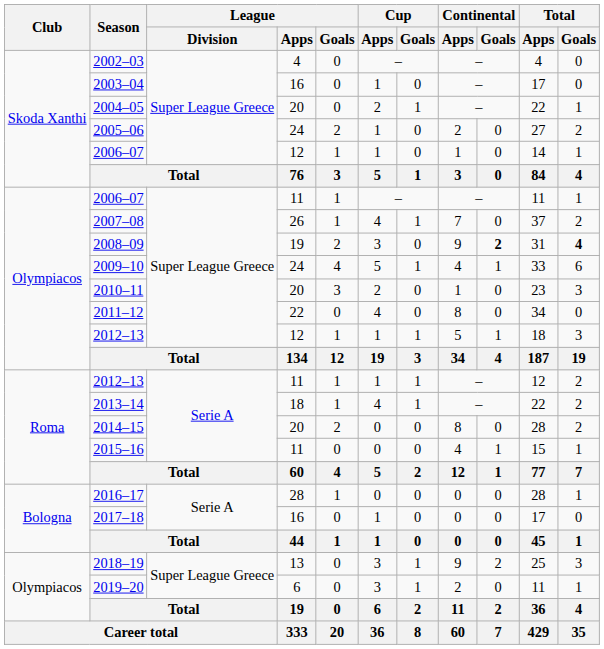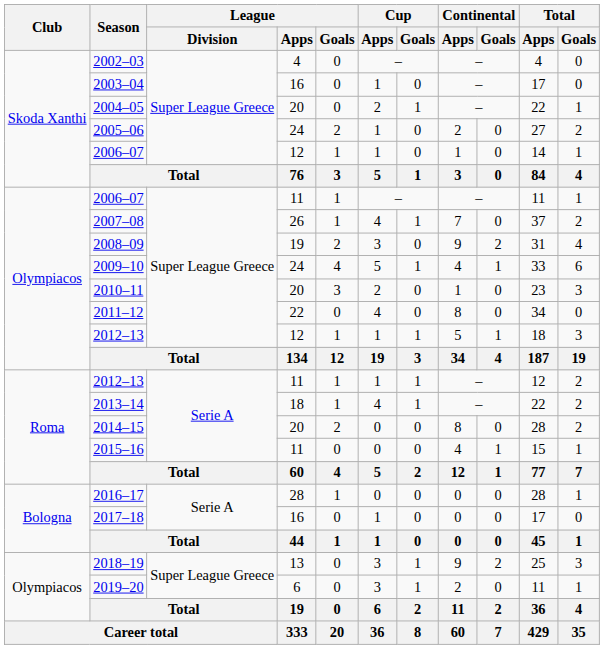 <table class="wikitable" style="text-align:center">
 <tr>
 <th rowspan="2">Club</th>
 <th rowspan="2">Season</th>
 <th colspan="3">League</th>
 <th colspan="2">Cup</th>
 <th colspan="2">Continental</th>
 <th colspan="2">Total</th>
 </tr>
 <tr>
 <th>Division</th>
 <th>Apps</th>
 <th>Goals</th>
 <th>Apps</th>
 <th>Goals</th>
 <th>Apps</th>
 <th>Goals</th>
 <th>Apps</th>
 <th>Goals</th>
 </tr>
 <tr>
 <td rowspan="6"><a href='#'>Skoda Xanthi</a></td>
 <td><a href='#'>2002–03</a></td>
 <td rowspan="5"><a href='#'>Super League Greece</a></td>
 <td>4</td>
 <td>0</td>
 <td colspan="2">–</td>
 <td colspan="2">–</td>
 <td>4</td>
 <td>0</td>
 </tr>
 <tr>
 <td><a href='#'>2003–04</a></td>
 <td>16</td>
 <td>0</td>
 <td>1</td>
 <td>0</td>
 <td colspan="2">–</td>
 <td>17</td>
 <td>0</td>
 </tr>
 <tr>
 <td><a href='#'>2004–05</a></td>
 <td>20</td>
 <td>0</td>
 <td>2</td>
 <td>1</td>
 <td colspan="2">–</td>
 <td>22</td>
 <td>1</td>
 </tr>
 <tr>
 <td><a href='#'>2005–06</a></td>
 <td>24</td>
 <td>2</td>
 <td>1</td>
 <td>0</td>
 <td>2</td>
 <td>0</td>
 <td>27</td>
 <td>2</td>
 </tr>
 <tr>
 <td><a href='#'>2006–07</a></td>
 <td>12</td>
 <td>1</td>
 <td>1</td>
 <td>0</td>
 <td>1</td>
 <td>0</td>
 <td>14</td>
 <td>1</td>
 </tr>
 <tr>
 <th colspan="2">Total</th>
 <th>76</th>
 <th>3</th>
 <th>5</th>
 <th>1</th>
 <th>3</th>
 <th>0</th>
 <th>84</th>
 <th>4</th>
 </tr>
 <tr>
 <td rowspan="8"><a href='#'>Olympiacos</a></td>
 <td><a href='#'>2006–07</a></td>
 <td rowspan="7">Super League Greece</td>
 <td>11</td>
 <td>1</td>
 <td colspan="2">–</td>
 <td colspan="2">–</td>
 <td>11</td>
 <td>1</td>
 </tr>
 <tr>
 <td><a href='#'>2007–08</a></td>
 <td>26</td>
 <td>1</td>
 <td>4</td>
 <td>1</td>
 <td>7</td>
 <td>0</td>
 <td>37</td>
 <td>2</td>
 </tr>
 <tr>
 <td><a href='#'>2008–09</a></td>
 <td>19</td>
 <td>2</td>
 <td>3</td>
 <td>0</td>
 <td>9</td>
-<td><strong>2</strong></td>
+<td>2</td>
 <td>31</td>
-<td><strong>4</strong></td>
+<td>4</td>
 </tr>
 <tr>
 <td><a href='#'>2009–10</a></td>
 <td>24</td>
 <td>4</td>
 <td>5</td>
 <td>1</td>
 <td>4</td>
 <td>1</td>
 <td>33</td>
 <td>6</td>
 </tr>
 <tr>
 <td><a href='#'>2010–11</a></td>
 <td>20</td>
 <td>3</td>
 <td>2</td>
 <td>0</td>
 <td>1</td>
 <td>0</td>
 <td>23</td>
 <td>3</td>
 </tr>
 <tr>
 <td><a href='#'>2011–12</a></td>
 <td>22</td>
 <td>0</td>
 <td>4</td>
 <td>0</td>
 <td>8</td>
 <td>0</td>
 <td>34</td>
 <td>0</td>
 </tr>
 <tr>
 <td><a href='#'>2012–13</a></td>
 <td>12</td>
 <td>1</td>
 <td>1</td>
 <td>1</td>
 <td>5</td>
 <td>1</td>
 <td>18</td>
 <td>3</td>
 </tr>
 <tr>
 <th colspan="2">Total</th>
 <th>134</th>
 <th>12</th>
 <th>19</th>
 <th>3</th>
 <th>34</th>
 <th>4</th>
 <th>187</th>
 <th>19</th>
 </tr>
 <tr>
 <td rowspan="5"><a href='#'>Roma</a></td>
 <td><a href='#'>2012–13</a></td>
 <td rowspan="4"><a href='#'>Serie A</a></td>
 <td>11</td>
 <td>1</td>
 <td>1</td>
 <td>1</td>
 <td colspan="2">–</td>
 <td>12</td>
 <td>2</td>
 </tr>
 <tr>
 <td><a href='#'>2013–14</a></td>
 <td>18</td>
 <td>1</td>
 <td>4</td>
 <td>1</td>
 <td colspan="2">–</td>
 <td>22</td>
 <td>2</td>
 </tr>
 <tr>
 <td><a href='#'>2014–15</a></td>
 <td>20</td>
 <td>2</td>
 <td>0</td>
 <td>0</td>
 <td>8</td>
 <td>0</td>
 <td>28</td>
 <td>2</td>
 </tr>
 <tr>
 <td><a href='#'>2015–16</a></td>
 <td>11</td>
 <td>0</td>
 <td>0</td>
 <td>0</td>
 <td>4</td>
 <td>1</td>
 <td>15</td>
 <td>1</td>
 </tr>
 <tr>
 <th colspan="2">Total</th>
 <th>60</th>
 <th>4</th>
 <th>5</th>
 <th>2</th>
 <th>12</th>
 <th>1</th>
 <th>77</th>
 <th>7</th>
 </tr>
 <tr>
 <td rowspan="3"><a href='#'>Bologna</a></td>
 <td><a href='#'>2016–17</a></td>
 <td rowspan="2">Serie A</td>
 <td>28</td>
 <td>1</td>
 <td>0</td>
 <td>0</td>
 <td>0</td>
 <td>0</td>
 <td>28</td>
 <td>1</td>
 </tr>
 <tr>
 <td><a href='#'>2017–18</a></td>
 <td>16</td>
 <td>0</td>
 <td>1</td>
 <td>0</td>
 <td>0</td>
 <td>0</td>
 <td>17</td>
 <td>0</td>
 </tr>
 <tr>
 <th colspan="2">Total</th>
 <th>44</th>
 <th>1</th>
 <th>1</th>
 <th>0</th>
 <th>0</th>
 <th>0</th>
 <th>45</th>
 <th>1</th>
 </tr>
 <tr>
 <td rowspan="3">Olympiacos</td>
 <td><a href='#'>2018–19</a></td>
 <td rowspan="2">Super League Greece</td>
 <td>13</td>
 <td>0</td>
 <td>3</td>
 <td>1</td>
 <td>9</td>
 <td>2</td>
 <td>25</td>
 <td>3</td>
 </tr>
 <tr>
 <td><a href='#'>2019–20</a></td>
 <td>6</td>
 <td>0</td>
 <td>3</td>
 <td>1</td>
 <td>2</td>
 <td>0</td>
 <td>11</td>
 <td>1</td>
 </tr>
 <tr>
 <th colspan="2">Total</th>
 <th>19</th>
 <th>0</th>
 <th>6</th>
 <th>2</th>
 <th>11</th>
 <th>2</th>
 <th>36</th>
 <th>4</th>
 </tr>
 <tr>
 <th colspan="3">Career total</th>
 <th>333</th>
 <th>20</th>
 <th>36</th>
 <th>8</th>
 <th>60</th>
 <th>7</th>
 <th>429</th>
 <th>35</th>
 </tr>
 </table>
